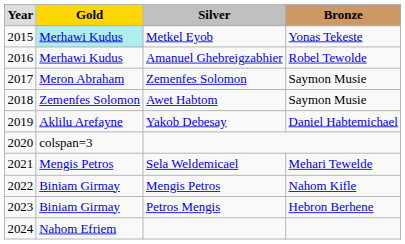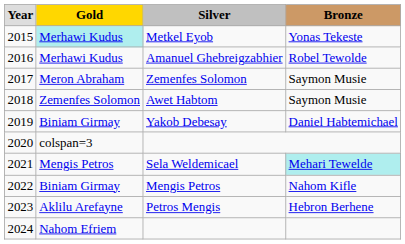 <table class="wikitable sortable alternance" style="font-size:95%">
 <tr>
 <td style="background:#DDDDDD; font-weight:bold; text-align:center;">Year</td>
 <td style="background:gold; font-weight:bold; text-align:center;">Gold</td>
 <td style="background:silver; font-weight:bold; text-align:center;">Silver</td>
 <td style="background:#cc9966; font-weight:bold; text-align:center;">Bronze</td>
 </tr>
 <tr>
 <td>2015</td>
 <td style="background: paleturquoise;"><a href='#'>Merhawi Kudus</a></td>
 <td><a href='#'>Metkel Eyob</a></td>
 <td><a href='#'>Yonas Tekeste</a></td>
 </tr>
 <tr>
 <td>2016</td>
 <td><a href='#'>Merhawi Kudus</a></td>
 <td><a href='#'>Amanuel Ghebreigzabhier</a></td>
 <td><a href='#'>Robel Tewolde</a></td>
 </tr>
 <tr>
 <td>2017</td>
 <td><a href='#'>Meron Abraham</a></td>
 <td><a href='#'>Zemenfes Solomon</a></td>
 <td>Saymon Musie</td>
 </tr>
 <tr>
 <td>2018</td>
 <td><a href='#'>Zemenfes Solomon</a></td>
 <td><a href='#'>Awet Habtom</a></td>
 <td>Saymon Musie</td>
 </tr>
 <tr>
 <td>2019</td>
-<td><a href='#'>Aklilu Arefayne</a></td>
+<td><a href='#'>Biniam Girmay</a></td>
 <td><a href='#'>Yakob Debesay</a></td>
 <td><a href='#'>Daniel Habtemichael</a></td>
 </tr>
 <tr>
 <td>2020</td>
 <td>colspan=3 </td>
 </tr>
 <tr>
 <td>2021</td>
 <td><a href='#'>Mengis Petros</a></td>
 <td><a href='#'>Sela Weldemicael</a></td>
-<td><a href='#'>Mehari Tewelde</a></td>
+<td style="background: paleturquoise;"><a href='#'>Mehari Tewelde</a></td>
 </tr>
 <tr>
 <td>2022</td>
 <td><a href='#'>Biniam Girmay</a></td>
 <td><a href='#'>Mengis Petros</a></td>
 <td><a href='#'>Nahom Kifle</a></td>
 </tr>
 <tr>
 <td>2023</td>
-<td><a href='#'>Biniam Girmay</a></td>
+<td><a href='#'>Aklilu Arefayne</a></td>
 <td><a href='#'>Petros Mengis</a></td>
 <td><a href='#'>Hebron Berhene</a></td>
 </tr>
 <tr>
 <td>2024</td>
 <td><a href='#'>Nahom Efriem</a></td>
 <td></td>
 <td></td>
 </tr>
 </table>
